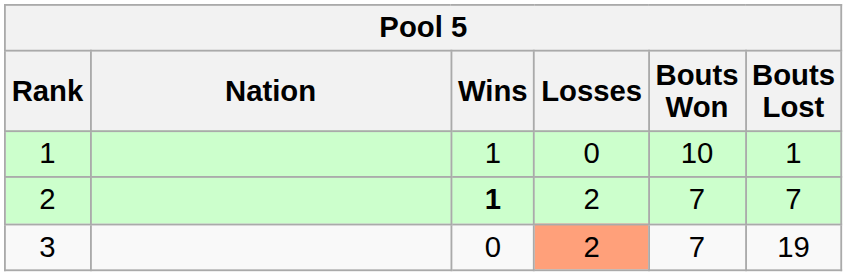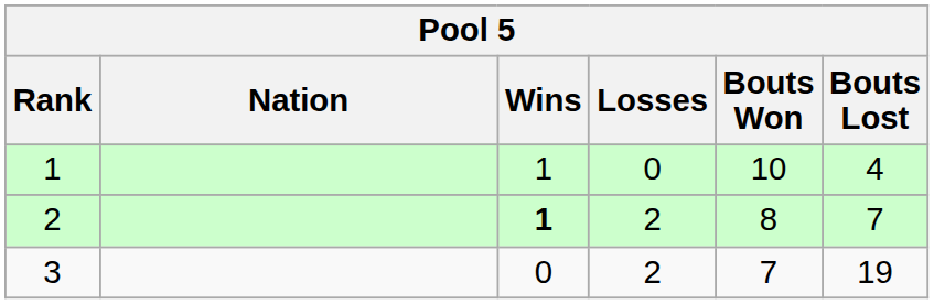 <table class="wikitable" style="text-align:center">
 <tr>
 <th colspan=6 align=center><strong>Pool 5</strong></th>
 </tr>
 <tr>
 <th width="20">Rank</th>
 <th width="190">Nation</th>
 <th width="20">Wins</th>
 <th width="20">Losses</th>
 <th width="20">Bouts Won</th>
 <th width="20">Bouts Lost</th>
 </tr>
 <tr bgcolor=ccffcc>
 <td>1</td>
 <td align=left></td>
 <td>1</td>
 <td>0</td>
 <td>10</td>
-<td>1</td>
+<td>4</td>
 </tr>
 <tr bgcolor=ccffcc>
 <td>2</td>
 <td align=left></td>
 <td><strong>1</strong></td>
 <td>2</td>
-<td>7</td>
+<td>8</td>
 <td>7</td>
 </tr>
 <tr>
 <td>3</td>
 <td align=left></td>
 <td>0</td>
-<td style="background: lightsalmon;">2</td>
+<td>2</td>
 <td>7</td>
 <td>19</td>
 </tr>
 </table>
